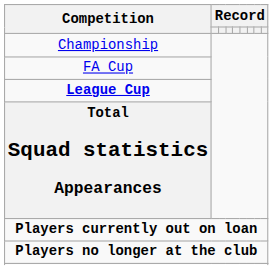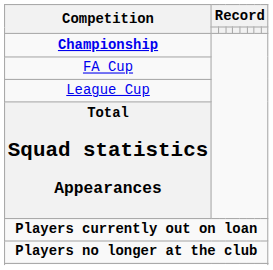 <table class="wikitable" style="text-align: center">
 <tr>
 <th rowspan=2>Competition</th>
 <th colspan=8>Record</th>
 </tr>
 <tr>
 <th></th>
 <th></th>
 <th></th>
 <th></th>
 <th></th>
 <th></th>
 <th></th>
 <th></th>
 </tr>
 <tr>
-<td><a href='#'>Championship</a><br></td>
+<td><strong><a href='#'>Championship</a><br></strong></td>
 </tr>
 <tr>
 <td><a href='#'>FA Cup</a><br></td>
 </tr>
 <tr>
-<td><strong><a href='#'>League Cup</a><br></strong></td>
+<td><a href='#'>League Cup</a><br></td>
 </tr>
 <tr>
 <th>Total<br> <h2>Squad statistics</h2><h3>Appearances</h3>                                </th>
 </tr>
 <tr>
 <td colspan=12 style="text-align:center;"><strong>Players currently out on loan</strong><br> </td>
 </tr>
 <tr>
 <td colspan=12 style="text-align:center;"><strong>Players no longer at the club</strong></td>
 </tr>
 <tr>
 </tr>
 <tr>
 </tr>
 </table>
